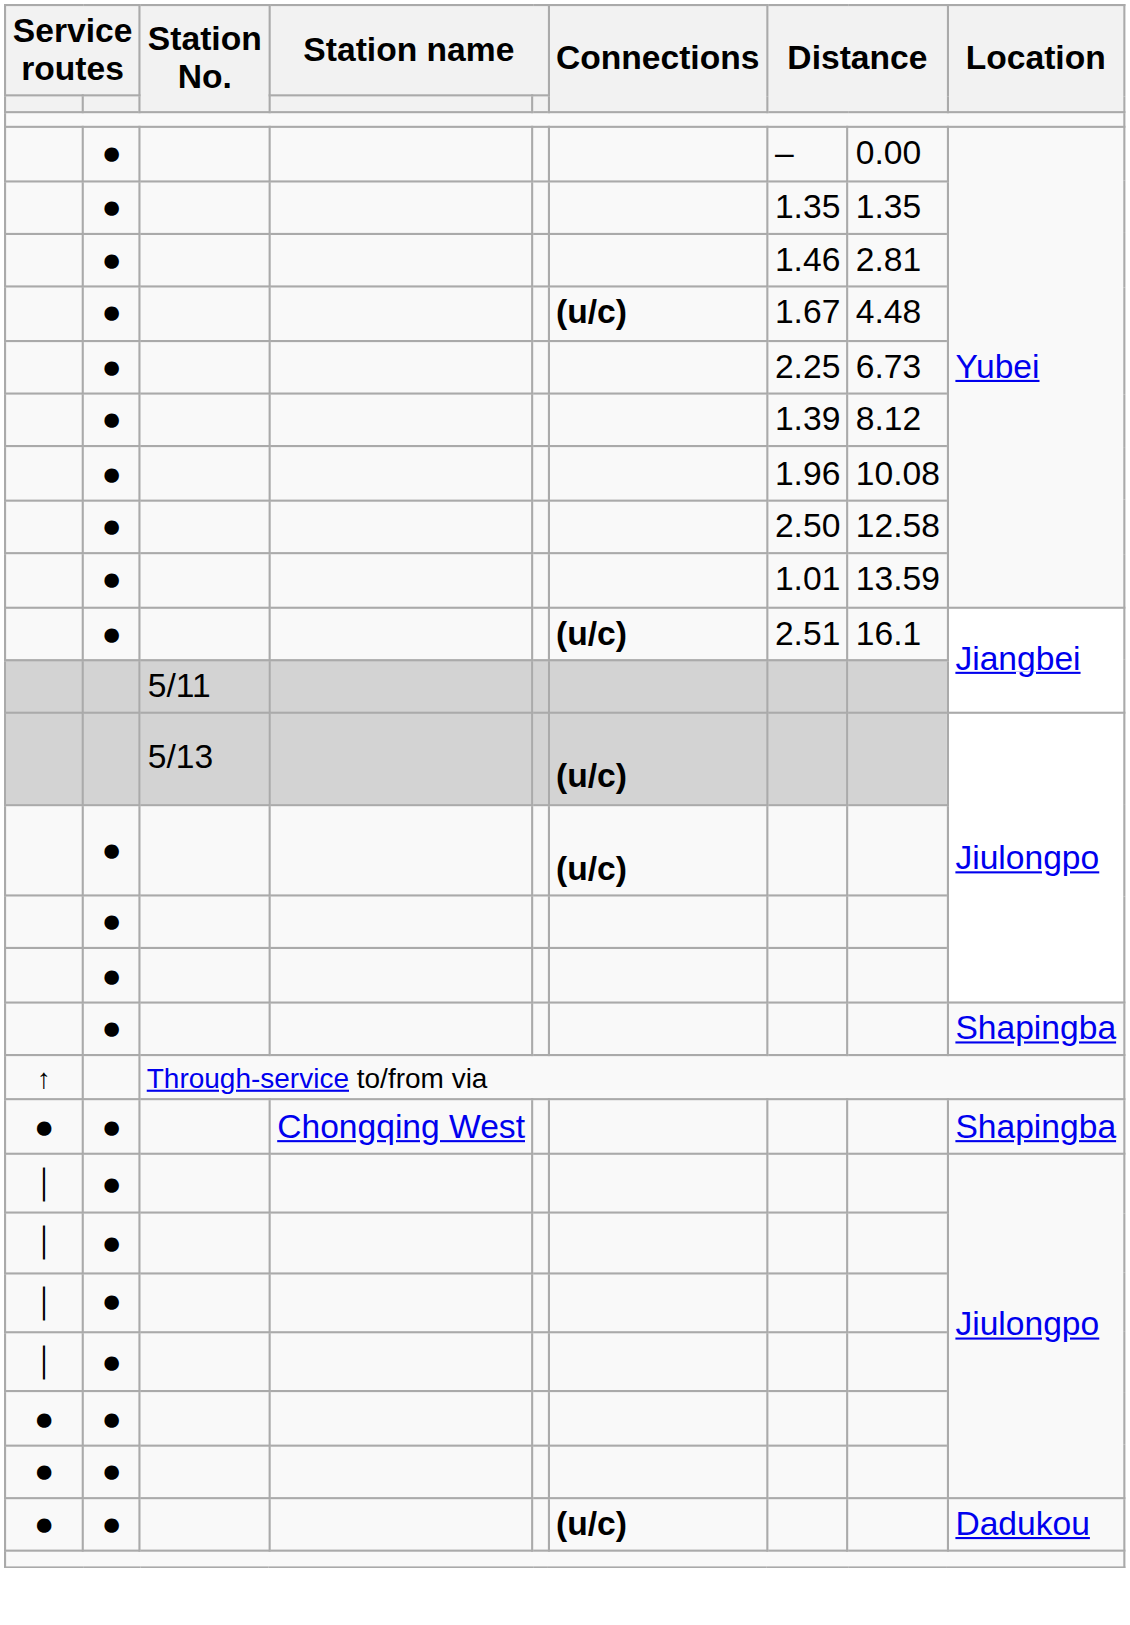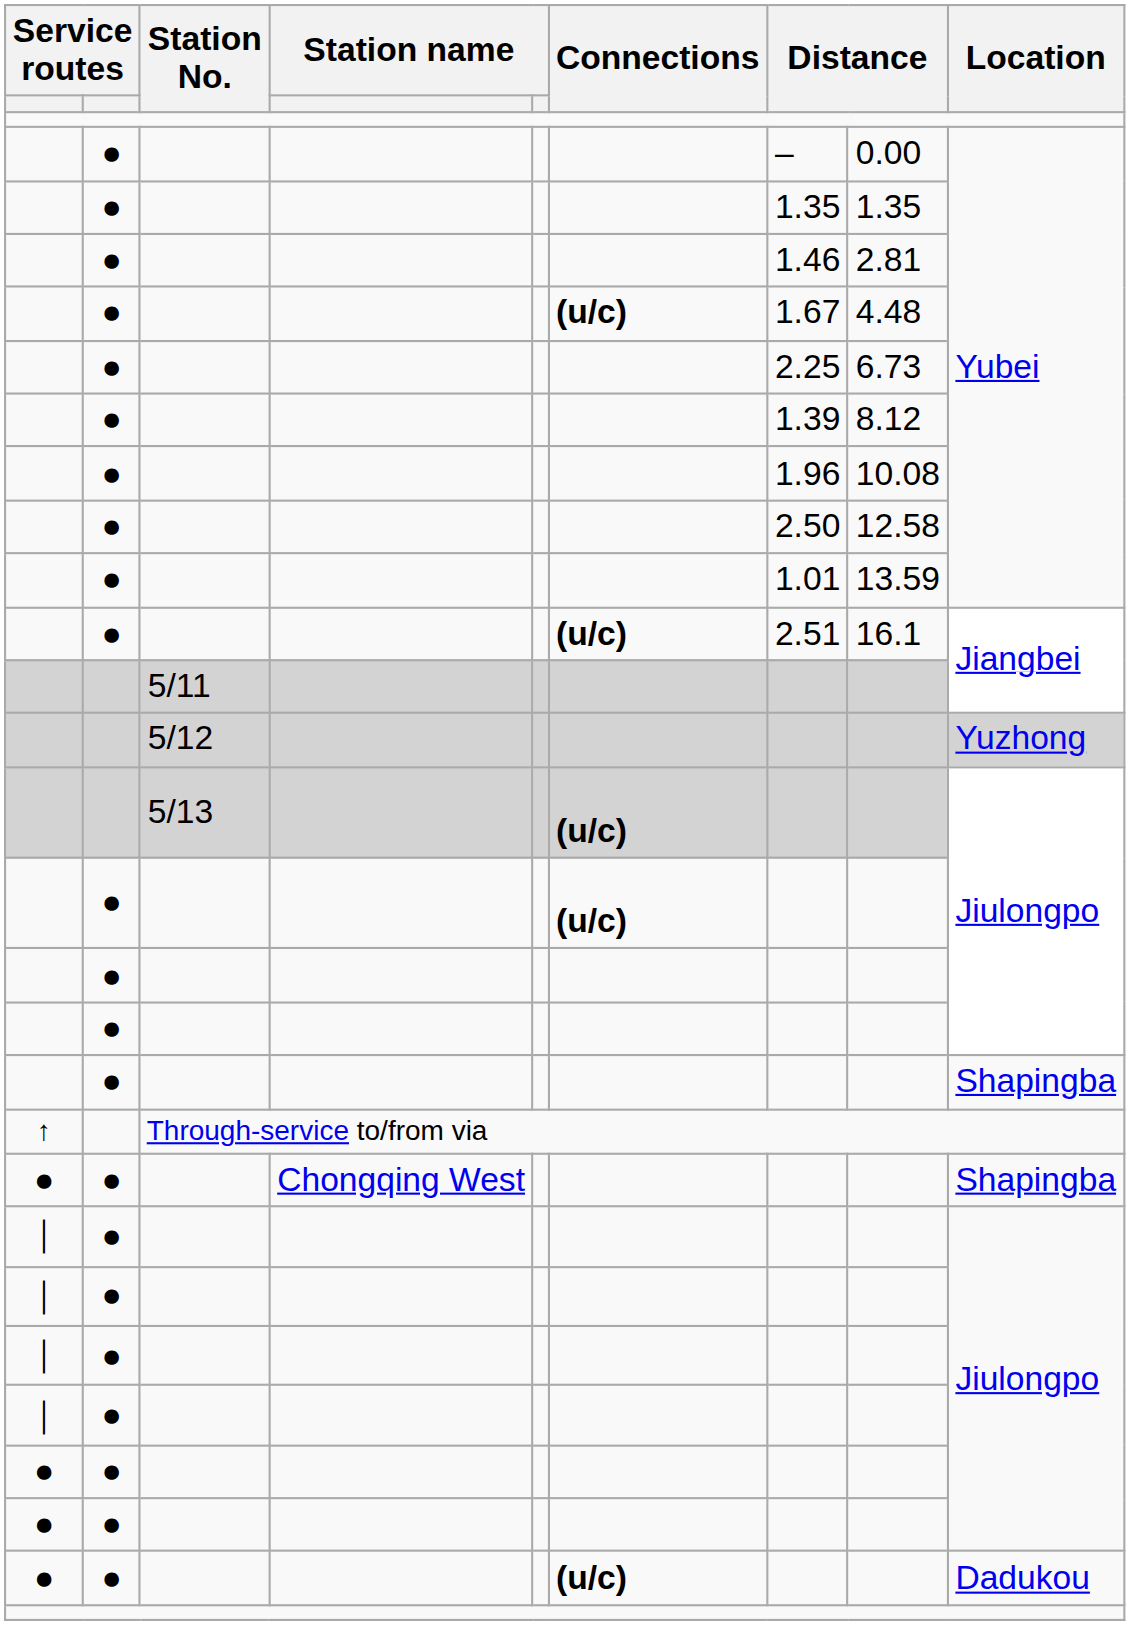 <table class="wikitable">
 <tr>
 <th colspan="2">Service<br>routes</th>
 <th rowspan="2">Station<br>No.</th>
 <th colspan="2">Station name</th>
 <th rowspan="2">Connections</th>
 <th colspan="2" rowspan="2">Distance<br></th>
 <th rowspan="2">Location</th>
 </tr>
 <tr>
 <th></th>
 <th></th>
 <th></th>
 <th></th>
 </tr>
 <tr style="background:#">
 <td colspan="9"></td>
 </tr>
 <tr>
 <td align="center"></td>
 <td align="center">●</td>
 <td></td>
 <td></td>
 <td></td>
 <td></td>
 <td>–</td>
 <td>0.00</td>
 <td rowspan="9"><a href='#'>Yubei</a></td>
 </tr>
 <tr>
 <td align="center"></td>
 <td align="center">●</td>
 <td></td>
 <td></td>
 <td></td>
 <td></td>
 <td>1.35</td>
 <td>1.35</td>
 </tr>
 <tr>
 <td align="center"></td>
 <td align="center">●</td>
 <td></td>
 <td></td>
 <td></td>
 <td></td>
 <td>1.46</td>
 <td>2.81</td>
 </tr>
 <tr>
 <td align="center"></td>
 <td align="center">●</td>
 <td></td>
 <td></td>
 <td></td>
 <td> <strong>(u/c)</strong></td>
 <td>1.67</td>
 <td>4.48</td>
 </tr>
 <tr>
 <td align="center"></td>
 <td align="center">●</td>
 <td></td>
 <td></td>
 <td></td>
 <td></td>
 <td>2.25</td>
 <td>6.73</td>
 </tr>
 <tr>
 <td align="center"></td>
 <td align="center">●</td>
 <td></td>
 <td></td>
 <td></td>
 <td></td>
 <td>1.39</td>
 <td>8.12</td>
 </tr>
 <tr>
 <td align="center"></td>
 <td align="center">●</td>
 <td></td>
 <td></td>
 <td></td>
 <td></td>
 <td>1.96</td>
 <td>10.08</td>
 </tr>
 <tr>
 <td align="center"></td>
 <td align="center">●</td>
 <td></td>
 <td></td>
 <td></td>
 <td> </td>
 <td>2.50</td>
 <td>12.58</td>
 </tr>
 <tr>
 <td align="center"></td>
 <td align="center">●</td>
 <td></td>
 <td></td>
 <td></td>
 <td></td>
 <td>1.01</td>
 <td>13.59</td>
 </tr>
 <tr>
 <td align="center"></td>
 <td align="center">●</td>
 <td></td>
 <td></td>
 <td></td>
 <td> <strong>(u/c)</strong></td>
 <td>2.51</td>
 <td>16.1</td>
 <td bgcolor="white" rowspan="2"><a href='#'>Jiangbei</a></td>
 </tr>
 <tr style="background-color:lightgrey;">
 <td align="center"></td>
 <td align="center"></td>
 <td>5/11</td>
 <td><em></em></td>
 <td></td>
 <td></td>
 <td></td>
 <td></td>
+</tr>
+<tr style="background-color:lightgrey;">
+<td align="center"></td>
+<td align="center"></td>
+<td>5/12</td>
+<td><em></em></td>
+<td></td>
+<td></td>
+<td></td>
+<td></td>
+<td rowspan="1"><a href='#'>Yuzhong</a></td>
 </tr>
 <tr style="background-color:lightgrey;">
 <td align="center"></td>
 <td align="center"></td>
 <td>5/13</td>
 <td><em></em></td>
 <td></td>
 <td><br> <strong>(u/c)</strong></td>
 <td></td>
 <td></td>
 <td bgcolor="white" rowspan="4"><a href='#'>Jiulongpo</a></td>
 </tr>
 <tr>
 <td align="center"></td>
 <td align="center">●</td>
 <td></td>
 <td></td>
 <td></td>
 <td><br> <strong>(u/c)</strong></td>
 <td></td>
 <td></td>
 </tr>
 <tr>
 <td align="center"></td>
 <td align="center">●</td>
 <td></td>
 <td></td>
 <td></td>
 <td></td>
 <td></td>
 <td></td>
 </tr>
 <tr>
 <td align="center"></td>
 <td align="center">●</td>
 <td></td>
 <td></td>
 <td></td>
 <td></td>
 <td></td>
 <td></td>
 </tr>
 <tr>
 <td align="center"></td>
 <td align="center">●</td>
 <td></td>
 <td></td>
 <td></td>
 <td></td>
 <td></td>
 <td></td>
 <td><a href='#'>Shapingba</a></td>
 </tr>
 <tr style="font-size:smaller">
 <td align="center" style="background:#">↑</td>
 <td align="center" style="background:#"></td>
 <td colspan=7><a href='#'>Through-service</a> to/from  via </td>
 </tr>
 <tr>
 <td align="center">●</td>
 <td align="center">●</td>
 <td></td>
 <td><a href='#'>Chongqing West</a></td>
 <td></td>
 <td></td>
 <td></td>
 <td></td>
 <td><a href='#'>Shapingba</a></td>
 </tr>
 <tr>
 <td align="center">｜</td>
 <td align="center">●</td>
 <td></td>
 <td></td>
 <td></td>
 <td></td>
 <td></td>
 <td></td>
 <td rowspan="6"><a href='#'>Jiulongpo</a></td>
 </tr>
 <tr>
 <td align="center">｜</td>
 <td align="center">●</td>
 <td></td>
 <td></td>
 <td></td>
 <td></td>
 <td></td>
 <td></td>
 </tr>
 <tr>
 <td align="center">｜</td>
 <td align="center">●</td>
 <td></td>
 <td></td>
 <td></td>
 <td></td>
 <td></td>
 <td></td>
 </tr>
 <tr>
 <td align="center">｜</td>
 <td align="center">●</td>
 <td></td>
 <td></td>
 <td></td>
 <td></td>
 <td></td>
 <td></td>
 </tr>
 <tr>
 <td align="center">●</td>
 <td align="center">●</td>
 <td></td>
 <td></td>
 <td></td>
 <td></td>
 <td></td>
 <td></td>
 </tr>
 <tr>
 <td align="center">●</td>
 <td align="center">●</td>
 <td></td>
 <td></td>
 <td></td>
 <td></td>
 <td></td>
 <td></td>
 </tr>
 <tr>
 <td align="center">●</td>
 <td align="center">●</td>
 <td></td>
 <td></td>
 <td></td>
 <td> <strong>(u/c)</strong></td>
 <td></td>
 <td></td>
 <td><a href='#'>Dadukou</a></td>
 </tr>
 <tr style="background:#">
 <td colspan="9"></td>
 </tr>
 </table>
